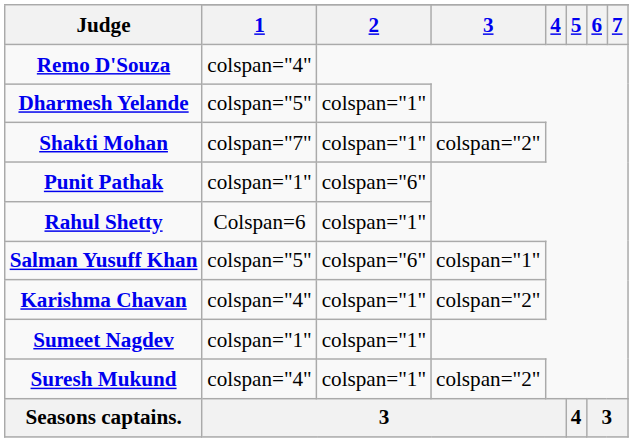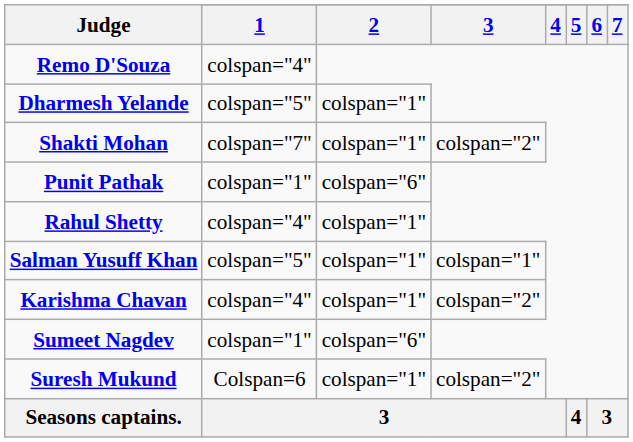 <table class="wikitable sortable" style="text-align:center; font-size:90%; line-height:20px; width:auto;">
 <tr>
 <th rowspan="2">Judge</th>
 </tr>
 <tr>
 <th><a href='#'><strong>1</strong></a></th>
 <th><a href='#'><strong>2</strong></a></th>
 <th><a href='#'><strong>3</strong></a></th>
 <th><a href='#'><strong>4</strong></a></th>
 <th><a href='#'><strong>5</strong></a></th>
 <th><a href='#'><strong>6</strong></a></th>
 <th><a href='#'><strong>7</strong></a></th>
 </tr>
 <tr>
 <td><strong><a href='#'>Remo D'Souza</a></strong></td>
 <td>colspan="4" </td>
 </tr>
 <tr>
 <td><strong><a href='#'>Dharmesh Yelande</a></strong></td>
 <td>colspan="5" </td>
 <td>colspan="1" </td>
 </tr>
 <tr>
 <td><strong><a href='#'>Shakti Mohan</a></strong></td>
 <td>colspan="7" </td>
 <td>colspan="1" </td>
 <td>colspan="2" </td>
 </tr>
 <tr>
 <td><strong><a href='#'>Punit Pathak</a></strong></td>
 <td>colspan="1" </td>
 <td>colspan="6" </td>
 </tr>
 <tr>
 <td><strong><a href='#'>Rahul Shetty</a></strong></td>
-<td>Colspan=6 </td>
+<td>colspan="4" </td>
 <td>colspan="1" </td>
 </tr>
 <tr>
 <td><strong><a href='#'>Salman Yusuff Khan</a></strong></td>
 <td>colspan="5" </td>
-<td>colspan="6" </td>
+<td>colspan="1" </td>
 <td>colspan="1" </td>
 </tr>
 <tr>
 <td><strong><a href='#'>Karishma Chavan</a></strong></td>
 <td>colspan="4" </td>
 <td>colspan="1" </td>
 <td>colspan="2" </td>
 </tr>
 <tr>
 <td><strong><a href='#'>Sumeet Nagdev</a></strong></td>
 <td>colspan="1" </td>
-<td>colspan="1" </td>
+<td>colspan="6" </td>
 </tr>
 <tr>
 <td><strong><a href='#'>Suresh Mukund</a></strong></td>
-<td>colspan="4" </td>
+<td>Colspan=6 </td>
 <td>colspan="1" </td>
 <td>colspan="2" </td>
 </tr>
 <tr>
 <th>Seasons captains.</th>
 <th colspan="4">3</th>
 <th colspan="1">4</th>
 <th colspan="2">3</th>
 </tr>
 </table>
